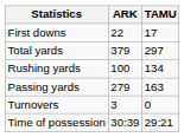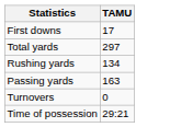 <table class="wikitable" style="float: left;">
 <tr>
 <th>Statistics</th>
-<th>ARK</th>
 <th>TAMU</th>
 </tr>
 <tr>
 <td>First downs</td>
-<td>22</td>
 <td>17</td>
 </tr>
 <tr>
 <td>Total yards</td>
-<td>379</td>
 <td>297</td>
 </tr>
 <tr>
 <td>Rushing yards</td>
-<td>100</td>
 <td>134</td>
 </tr>
 <tr>
 <td>Passing yards</td>
-<td>279</td>
 <td>163</td>
 </tr>
 <tr>
 <td>Turnovers</td>
-<td>3</td>
 <td>0</td>
 </tr>
 <tr>
 <td>Time of possession</td>
-<td>30:39</td>
 <td>29:21</td>
 </tr>
 </table>
